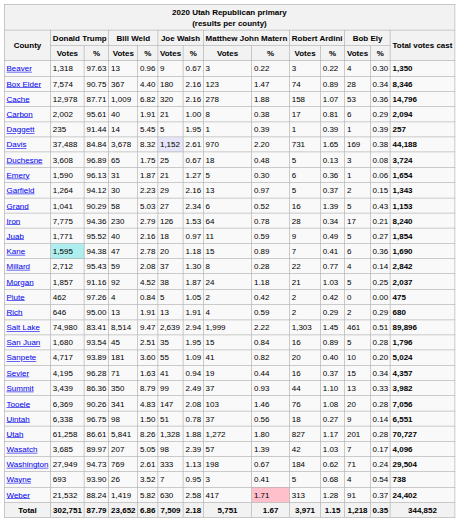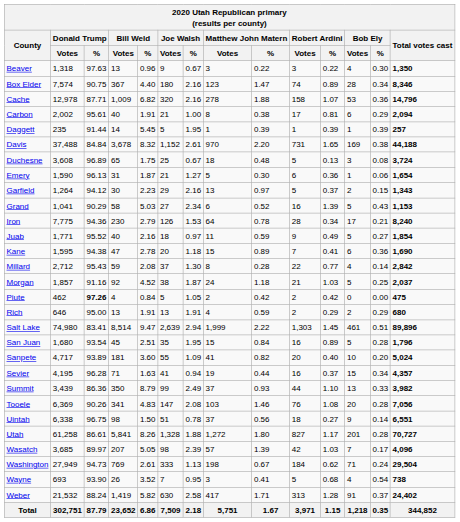 <table class="wikitable sortable mw-collapsible mw-collapsed">
 <tr>
 <th colspan="14"><small>2020 Utah Republican primary</small><br><small>(results per county)</small></th>
 </tr>
 <tr>
 <th rowspan="2"><small>County</small></th>
 <th colspan="2"><small>Donald Trump</small></th>
 <th colspan="2"><small>Bill Weld</small></th>
 <th colspan="2"><small>Joe Walsh</small></th>
 <th colspan="2"><small>Matthew John Matern</small></th>
 <th colspan="2"><small>Robert Ardini</small></th>
 <th colspan="2"><small>Bob Ely</small></th>
 <th rowspan="2"><small>Total votes cast</small></th>
 </tr>
 <tr>
 <th><small>Votes</small></th>
 <th><small>%</small></th>
 <th><small>Votes</small></th>
 <th><small>%</small></th>
 <th><small>Votes</small></th>
 <th><small>%</small></th>
 <th><small>Votes</small></th>
 <th><small>%</small></th>
 <th><small>Votes</small></th>
 <th><small>%</small></th>
 <th><small>Votes</small></th>
 <th><small>%</small></th>
 </tr>
 <tr>
 <td><small><a href='#'>Beaver</a></small></td>
 <td><small>1,318</small></td>
 <td><small>97.63</small></td>
 <td><small>13</small></td>
 <td><small>0.96</small></td>
 <td><small>9</small></td>
 <td><small>0.67</small></td>
 <td><small>3</small></td>
 <td><small>0.22</small></td>
 <td><small>3</small></td>
 <td><small>0.22</small></td>
 <td><small>4</small></td>
 <td><small>0.30</small></td>
 <td><strong><small>1,350</small></strong></td>
 </tr>
 <tr>
 <td><small><a href='#'>Box Elder</a></small></td>
 <td><small>7,574</small></td>
 <td><small>90.75</small></td>
 <td><small>367</small></td>
 <td><small>4.40</small></td>
 <td><small>180</small></td>
 <td><small>2.16</small></td>
 <td><small>123</small></td>
 <td><small>1.47</small></td>
 <td><small>74</small></td>
 <td><small>0.89</small></td>
 <td><small>28</small></td>
 <td><small>0.34</small></td>
 <td><strong><small>8,346</small></strong></td>
 </tr>
 <tr>
 <td><small><a href='#'>Cache</a></small></td>
 <td><small>12,978</small></td>
 <td><small>87.71</small></td>
 <td><small>1,009</small></td>
 <td><small>6.82</small></td>
 <td><small>320</small></td>
 <td><small>2.16</small></td>
 <td><small>278</small></td>
 <td><small>1.88</small></td>
 <td><small>158</small></td>
 <td><small>1.07</small></td>
 <td><small>53</small></td>
 <td><small>0.36</small></td>
 <td><strong><small>14,796</small></strong></td>
 </tr>
 <tr>
 <td><small><a href='#'>Carbon</a></small></td>
 <td><small>2,002</small></td>
 <td><small>95.61</small></td>
 <td><small>40</small></td>
 <td><small>1.91</small></td>
 <td><small>21</small></td>
 <td><small>1.00</small></td>
 <td><small>8</small></td>
 <td><small>0.38</small></td>
 <td><small>17</small></td>
 <td><small>0.81</small></td>
 <td><small>6</small></td>
 <td><small>0.29</small></td>
 <td><strong><small>2,094</small></strong></td>
 </tr>
 <tr>
 <td><small><a href='#'>Daggett</a></small></td>
 <td><small>235</small></td>
 <td><small>91.44</small></td>
 <td><small>14</small></td>
 <td><small>5.45</small></td>
 <td><small>5</small></td>
 <td><small>1.95</small></td>
 <td><small>1</small></td>
 <td><small>0.39</small></td>
 <td><small>1</small></td>
 <td><small>0.39</small></td>
 <td><small>1</small></td>
 <td><small>0.39</small></td>
 <td><strong><small>257</small></strong></td>
 </tr>
 <tr>
 <td><small><a href='#'>Davis</a></small></td>
 <td><small>37,488</small></td>
 <td><small>84.84</small></td>
 <td><small>3,678</small></td>
 <td><small>8.32</small></td>
-<td style="background: lavender;"><small>1,152</small></td>
+<td><small>1,152</small></td>
 <td><small>2.61</small></td>
 <td><small>970</small></td>
 <td><small>2.20</small></td>
 <td><small>731</small></td>
 <td><small>1.65</small></td>
 <td><small>169</small></td>
 <td><small>0.38</small></td>
 <td><strong><small>44,188</small></strong></td>
 </tr>
 <tr>
 <td><small><a href='#'>Duchesne</a></small></td>
 <td><small>3,608</small></td>
 <td><small>96.89</small></td>
 <td><small>65</small></td>
 <td><small>1.75</small></td>
 <td><small>25</small></td>
 <td><small>0.67</small></td>
 <td><small>18</small></td>
 <td><small>0.48</small></td>
 <td><small>5</small></td>
 <td><small>0.13</small></td>
 <td><small>3</small></td>
 <td><small>0.08</small></td>
 <td><strong><small>3,724</small></strong></td>
 </tr>
 <tr>
 <td><small><a href='#'>Emery</a></small></td>
 <td><small>1,590</small></td>
 <td><small>96.13</small></td>
 <td><small>31</small></td>
 <td><small>1.87</small></td>
 <td><small>21</small></td>
 <td><small>1.27</small></td>
 <td><small>5</small></td>
 <td><small>0.30</small></td>
 <td><small>6</small></td>
 <td><small>0.36</small></td>
 <td><small>1</small></td>
 <td><small>0.06</small></td>
 <td><strong><small>1,654</small></strong></td>
 </tr>
 <tr>
 <td><small><a href='#'>Garfield</a></small></td>
 <td><small>1,264</small></td>
 <td><small>94.12</small></td>
 <td><small>30</small></td>
 <td><small>2.23</small></td>
 <td><small>29</small></td>
 <td><small>2.16</small></td>
 <td><small>13</small></td>
 <td><small>0.97</small></td>
 <td><small>5</small></td>
 <td><small>0.37</small></td>
 <td><small>2</small></td>
 <td><small>0.15</small></td>
 <td><strong><small>1,343</small></strong></td>
 </tr>
 <tr>
 <td><small><a href='#'>Grand</a></small></td>
 <td><small>1,041</small></td>
 <td><small>90.29</small></td>
 <td><small>58</small></td>
 <td><small>5.03</small></td>
 <td><small>27</small></td>
 <td><small>2.34</small></td>
 <td><small>6</small></td>
 <td><small>0.52</small></td>
 <td><small>16</small></td>
 <td><small>1.39</small></td>
 <td><small>5</small></td>
 <td><small>0.43</small></td>
 <td><strong><small>1,153</small></strong></td>
 </tr>
 <tr>
 <td><small><a href='#'>Iron</a></small></td>
 <td><small>7,775</small></td>
 <td><small>94.36</small></td>
 <td><small>230</small></td>
 <td><small>2.79</small></td>
 <td><small>126</small></td>
 <td><small>1.53</small></td>
 <td><small>64</small></td>
 <td><small>0.78</small></td>
 <td><small>28</small></td>
 <td><small>0.34</small></td>
 <td><small>17</small></td>
 <td><small>0.21</small></td>
 <td><strong><small>8,240</small></strong></td>
 </tr>
 <tr>
 <td><small><a href='#'>Juab</a></small></td>
 <td><small>1,771</small></td>
 <td><small>95.52</small></td>
 <td><small>40</small></td>
 <td><small>2.16</small></td>
 <td><small>18</small></td>
 <td><small>0.97</small></td>
 <td><small>11</small></td>
 <td><small>0.59</small></td>
 <td><small>9</small></td>
 <td><small>0.49</small></td>
 <td><small>5</small></td>
 <td><small>0.27</small></td>
 <td><strong><small>1,854</small></strong></td>
 </tr>
 <tr>
 <td><small><a href='#'>Kane</a></small></td>
-<td style="background: paleturquoise;"><small>1,595</small></td>
+<td><small>1,595</small></td>
 <td><small>94.38</small></td>
 <td><small>47</small></td>
 <td><small>2.78</small></td>
 <td><small>20</small></td>
 <td><small>1.18</small></td>
 <td><small>15</small></td>
 <td><small>0.89</small></td>
 <td><small>7</small></td>
 <td><small>0.41</small></td>
 <td><small>6</small></td>
 <td><small>0.36</small></td>
 <td><strong><small>1,690</small></strong></td>
 </tr>
 <tr>
 <td><small><a href='#'>Millard</a></small></td>
 <td><small>2,712</small></td>
 <td><small>95.43</small></td>
 <td><small>59</small></td>
 <td><small>2.08</small></td>
 <td><small>37</small></td>
 <td><small>1.30</small></td>
 <td><small>8</small></td>
 <td><small>0.28</small></td>
 <td><small>22</small></td>
 <td><small>0.77</small></td>
 <td><small>4</small></td>
 <td><small>0.14</small></td>
 <td><strong><small>2,842</small></strong></td>
 </tr>
 <tr>
 <td><small><a href='#'>Morgan</a></small></td>
 <td><small>1,857</small></td>
 <td><small>91.16</small></td>
 <td><small>92</small></td>
 <td><small>4.52</small></td>
 <td><small>38</small></td>
 <td><small>1.87</small></td>
 <td><small>24</small></td>
 <td><small>1.18</small></td>
 <td><small>21</small></td>
 <td><small>1.03</small></td>
 <td><small>5</small></td>
 <td><small>0.25</small></td>
 <td><strong><small>2,037</small></strong></td>
 </tr>
 <tr>
 <td><small><a href='#'>Piute</a></small></td>
 <td><small>462</small></td>
-<td><small>97.26</small></td>
+<td><strong><small>97.26</small></strong></td>
 <td><small>4</small></td>
 <td><small>0.84</small></td>
 <td><small>5</small></td>
 <td><small>1.05</small></td>
 <td><small>2</small></td>
 <td><small>0.42</small></td>
 <td><small>2</small></td>
 <td><small>0.42</small></td>
 <td><small>0</small></td>
 <td><small>0.00</small></td>
 <td><strong><small>475</small></strong></td>
 </tr>
 <tr>
 <td><small><a href='#'>Rich</a></small></td>
 <td><small>646</small></td>
 <td><small>95.00</small></td>
 <td><small>13</small></td>
 <td><small>1.91</small></td>
 <td><small>13</small></td>
 <td><small>1.91</small></td>
 <td><small>4</small></td>
 <td><small>0.59</small></td>
 <td><small>2</small></td>
 <td><small>0.29</small></td>
 <td><small>2</small></td>
 <td><small>0.29</small></td>
 <td><strong><small>680</small></strong></td>
 </tr>
 <tr>
 <td><small><a href='#'>Salt Lake</a></small></td>
 <td><small>74,980</small></td>
 <td><small>83.41</small></td>
 <td><small>8,514</small></td>
 <td><small>9.47</small></td>
 <td><small>2,639</small></td>
 <td><small>2.94</small></td>
 <td><small>1,999</small></td>
 <td><small>2.22</small></td>
 <td><small>1,303</small></td>
 <td><small>1.45</small></td>
 <td><small>461</small></td>
 <td><small>0.51</small></td>
 <td><strong><small>89,896</small></strong></td>
 </tr>
 <tr>
 <td><small><a href='#'>San Juan</a></small></td>
 <td><small>1,680</small></td>
 <td><small>93.54</small></td>
 <td><small>45</small></td>
 <td><small>2.51</small></td>
 <td><small>35</small></td>
 <td><small>1.95</small></td>
 <td><small>15</small></td>
 <td><small>0.84</small></td>
 <td><small>16</small></td>
 <td><small>0.89</small></td>
 <td><small>5</small></td>
 <td><small>0.28</small></td>
 <td><strong><small>1,796</small></strong></td>
 </tr>
 <tr>
 <td><small><a href='#'>Sanpete</a></small></td>
 <td><small>4,717</small></td>
 <td><small>93.89</small></td>
 <td><small>181</small></td>
 <td><small>3.60</small></td>
 <td><small>55</small></td>
 <td><small>1.09</small></td>
 <td><small>41</small></td>
 <td><small>0.82</small></td>
 <td><small>20</small></td>
 <td><small>0.40</small></td>
 <td><small>10</small></td>
 <td><small>0.20</small></td>
 <td><strong><small>5,024</small></strong></td>
 </tr>
 <tr>
 <td><small><a href='#'>Sevier</a></small></td>
 <td><small>4,195</small></td>
 <td><small>96.28</small></td>
 <td><small>71</small></td>
 <td><small>1.63</small></td>
 <td><small>41</small></td>
 <td><small>0.94</small></td>
 <td><small>19</small></td>
 <td><small>0.44</small></td>
 <td><small>16</small></td>
 <td><small>0.37</small></td>
 <td><small>15</small></td>
 <td><small>0.34</small></td>
 <td><strong><small>4,357</small></strong></td>
 </tr>
 <tr>
 <td><small><a href='#'>Summit</a></small></td>
 <td><small>3,439</small></td>
 <td><small>86.36</small></td>
 <td><small>350</small></td>
 <td><small>8.79</small></td>
 <td><small>99</small></td>
 <td><small>2.49</small></td>
 <td><small>37</small></td>
 <td><small>0.93</small></td>
 <td><small>44</small></td>
 <td><small>1.10</small></td>
 <td><small>13</small></td>
 <td><small>0.33</small></td>
 <td><strong><small>3,982</small></strong></td>
 </tr>
 <tr>
 <td><small><a href='#'>Tooele</a></small></td>
 <td><small>6,369</small></td>
 <td><small>90.26</small></td>
 <td><small>341</small></td>
 <td><small>4.83</small></td>
 <td><small>147</small></td>
 <td><small>2.08</small></td>
 <td><small>103</small></td>
 <td><small>1.46</small></td>
 <td><small>76</small></td>
 <td><small>1.08</small></td>
 <td><small>20</small></td>
 <td><small>0.28</small></td>
 <td><strong><small>7,056</small></strong></td>
 </tr>
 <tr>
 <td><small><a href='#'>Uintah</a></small></td>
 <td><small>6,338</small></td>
 <td><small>96.75</small></td>
 <td><small>98</small></td>
 <td><small>1.50</small></td>
 <td><small>51</small></td>
 <td><small>0.78</small></td>
 <td><small>37</small></td>
 <td><small>0.56</small></td>
 <td><small>18</small></td>
 <td><small>0.27</small></td>
 <td><small>9</small></td>
 <td><small>0.14</small></td>
 <td><strong><small>6,551</small></strong></td>
 </tr>
 <tr>
 <td><small><a href='#'>Utah</a></small></td>
 <td><small>61,258</small></td>
 <td><small>86.61</small></td>
 <td><small>5,841</small></td>
 <td><small>8.26</small></td>
 <td><small>1,328</small></td>
 <td><small>1.88</small></td>
 <td><small>1,272</small></td>
 <td><small>1.80</small></td>
 <td><small>827</small></td>
 <td><small>1.17</small></td>
 <td><small>201</small></td>
 <td><small>0.28</small></td>
 <td><strong><small>70,727</small></strong></td>
 </tr>
 <tr>
 <td><small><a href='#'>Wasatch</a></small></td>
 <td><small>3,685</small></td>
 <td><small>89.97</small></td>
 <td><small>207</small></td>
 <td><small>5.05</small></td>
 <td><small>98</small></td>
 <td><small>2.39</small></td>
 <td><small>57</small></td>
 <td><small>1.39</small></td>
 <td><small>42</small></td>
 <td><small>1.03</small></td>
 <td><small>7</small></td>
 <td><small>0.17</small></td>
 <td><strong><small>4,096</small></strong></td>
 </tr>
 <tr>
 <td><small><a href='#'>Washington</a></small></td>
 <td><small>27,949</small></td>
 <td><small>94.73</small></td>
 <td><small>769</small></td>
 <td><small>2.61</small></td>
 <td><small>333</small></td>
 <td><small>1.13</small></td>
 <td><small>198</small></td>
 <td><small>0.67</small></td>
 <td><small>184</small></td>
 <td><small>0.62</small></td>
 <td><small>71</small></td>
 <td><small>0.24</small></td>
 <td><strong><small>29,504</small></strong></td>
 </tr>
 <tr>
 <td><small><a href='#'>Wayne</a></small></td>
 <td><small>693</small></td>
 <td><small>93.90</small></td>
 <td><small>26</small></td>
 <td><small>3.52</small></td>
 <td><small>7</small></td>
 <td><small>0.95</small></td>
 <td><small>3</small></td>
 <td><small>0.41</small></td>
 <td><small>5</small></td>
 <td><small>0.68</small></td>
 <td><small>4</small></td>
 <td><small>0.54</small></td>
 <td><strong><small>738</small></strong></td>
 </tr>
 <tr>
 <td><small><a href='#'>Weber</a></small></td>
 <td><small>21,532</small></td>
 <td><small>88.24</small></td>
 <td><small>1,419</small></td>
 <td><small>5.82</small></td>
 <td><small>630</small></td>
 <td><small>2.58</small></td>
 <td><small>417</small></td>
-<td style="background: pink;"><small>1.71</small></td>
+<td><small>1.71</small></td>
 <td><small>313</small></td>
 <td><small>1.28</small></td>
 <td><small>91</small></td>
 <td><small>0.37</small></td>
 <td><strong><small>24,402</small></strong></td>
 </tr>
 <tr>
 <th><small>Total</small></th>
 <th><strong><small>302,751</small></strong></th>
 <th><small><strong>87.79</strong></small></th>
 <th><strong><small>23,652</small></strong></th>
 <th><small><strong>6.86</strong></small></th>
 <th><strong><small>7,509</small></strong></th>
 <th><small><strong>2.18</strong></small></th>
 <th><strong><small>5,751</small></strong></th>
 <th><small><strong>1.67</strong></small></th>
 <th><strong><small>3,971</small></strong></th>
 <th><small><strong>1.15</strong></small></th>
 <th><strong><small>1,218</small></strong></th>
 <th><small><strong>0.35</strong></small></th>
 <th><strong><small>344,852</small></strong></th>
 </tr>
 </table>
